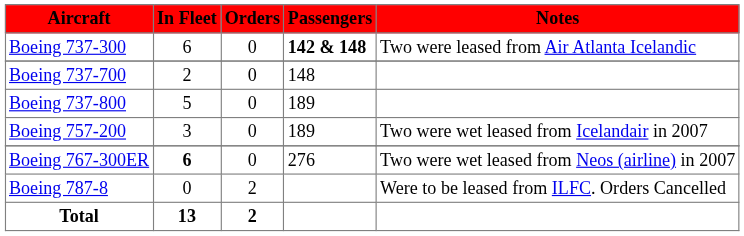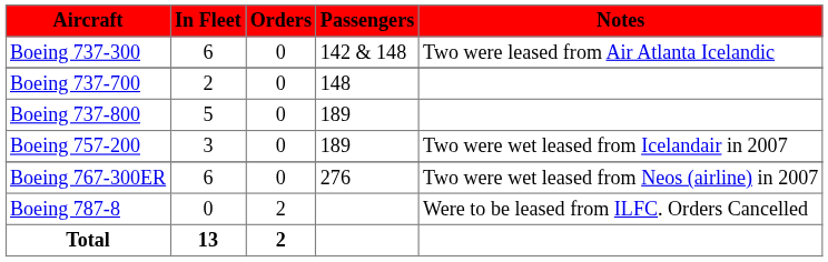 <table class="toccolours" border="1" cellpadding="3" style="border-collapse:collapse;margin:1em auto;">
 <tr style="background:#ccf;">
 <th style="background:red;"><span> Aircraft</span></th>
 <th style="background:red;"><span> In Fleet</span></th>
 <th style="background:red;"><span> Orders</span></th>
 <th style="background:red;"><span> Passengers</span></th>
 <th style="background:red;"><span> Notes</span></th>
 </tr>
 <tr>
 <td><a href='#'>Boeing 737-300</a></td>
 <td align=center>6</td>
 <td align=center>0</td>
-<td><strong>142 & 148</strong></td>
+<td>142 & 148</td>
 <td>Two were leased from <a href='#'>Air Atlanta Icelandic</a></td>
 </tr>
 <tr>
 </tr>
 <tr>
 <td><a href='#'>Boeing 737-700</a></td>
 <td align=center>2</td>
 <td align=center>0</td>
 <td>148</td>
 <td></td>
 </tr>
 <tr>
 <td><a href='#'>Boeing 737-800</a></td>
 <td align=center>5</td>
 <td align=center>0</td>
 <td>189</td>
 <td></td>
 </tr>
 <tr>
 <td><a href='#'>Boeing 757-200</a></td>
 <td align=center>3</td>
 <td align=center>0</td>
 <td>189</td>
 <td>Two were wet leased from <a href='#'>Icelandair</a> in 2007</td>
 </tr>
 <tr>
 </tr>
 <tr>
 <td><a href='#'>Boeing 767-300ER</a></td>
-<td align=center><strong>6</strong></td>
+<td align=center>6</td>
 <td align=center>0</td>
 <td>276</td>
 <td>Two were wet leased from <a href='#'>Neos (airline)</a> in 2007</td>
 </tr>
 <tr>
 <td><a href='#'>Boeing 787-8</a></td>
 <td align=center>0</td>
 <td align=center>2</td>
 <td></td>
 <td>Were to be leased from <a href='#'>ILFC</a>. Orders Cancelled</td>
 </tr>
 <tr>
 <td align=center><strong>Total</strong></td>
 <th>13</th>
 <th>2</th>
 <td></td>
 <td></td>
 </tr>
 </table>
